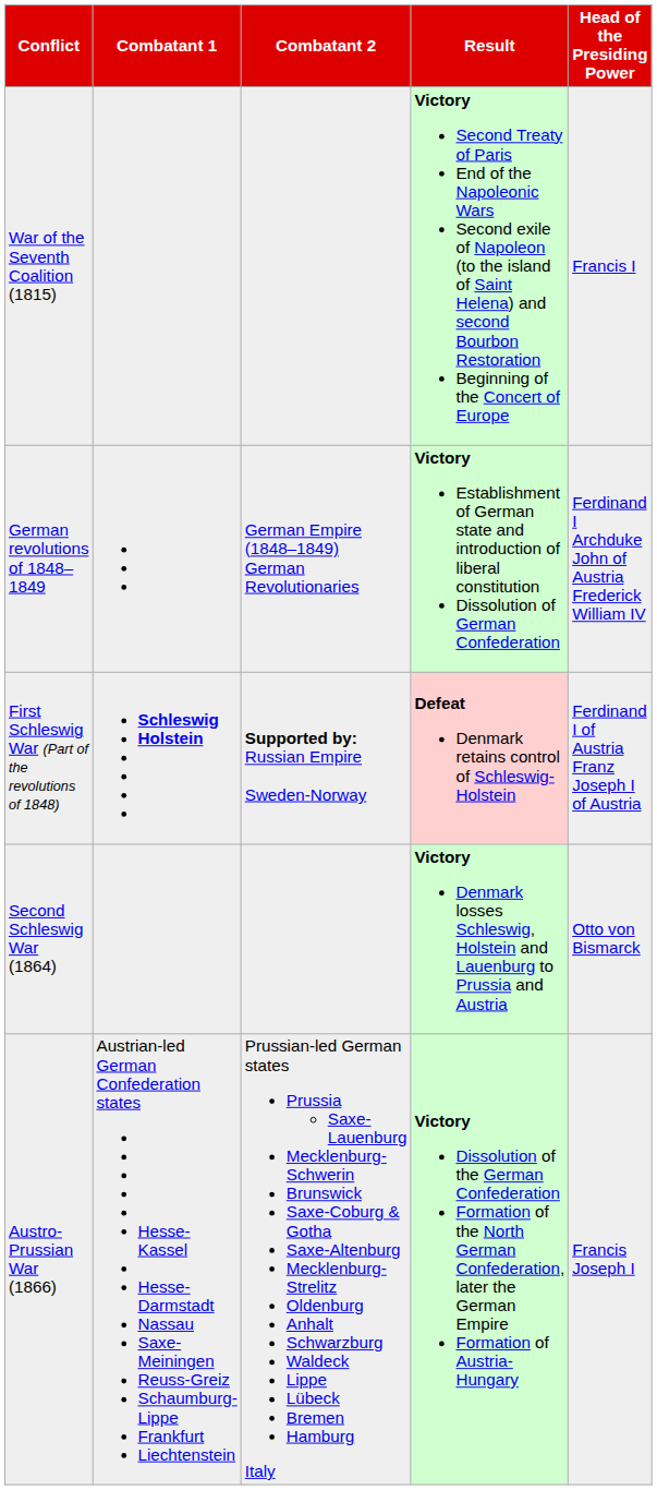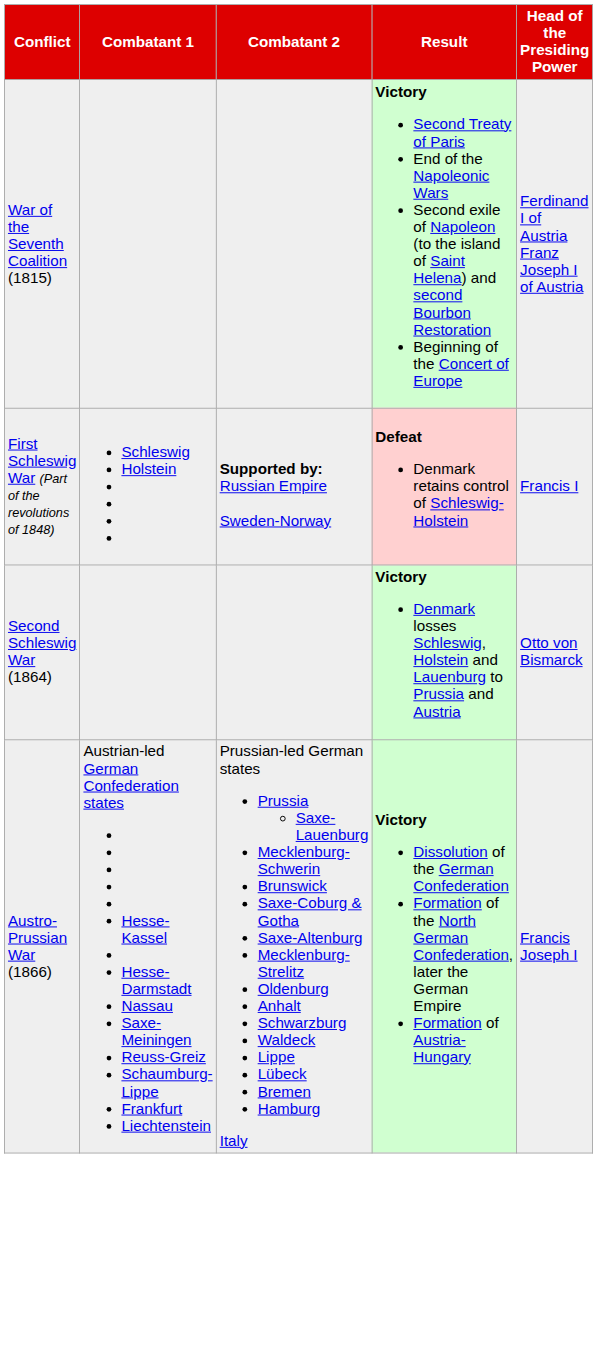 <table class="wikitable">
 <tr>
 <th style="background:#DD0000; width:20em; color:white;">Conflict</th>
 <th style="background:#DD0000; width:15em; color:white;">Combatant 1</th>
 <th style="background:#DD0000; width:15em; color:white;">Combatant 2</th>
 <th style="background:#DD0000; width:20em; color:white;">Result</th>
 <th style="background:#DD0000; width:10em; color:white;">Head of the Presiding Power</th>
 </tr>
 <tr>
 <td style="background:#efefef"><a href='#'>War of the Seventh Coalition</a><br>(1815)</td>
 <td style="background:#efefef"></td>
 <td style="background:#efefef"></td>
 <td style="background:#D0FFD0"><strong>Victory</strong><br><ul><li><a href='#'>Second Treaty of Paris</a></li><li>End of the <a href='#'>Napoleonic Wars</a></li><li>Second exile of <a href='#'>Napoleon</a> (to the island of <a href='#'>Saint Helena</a>) and <a href='#'>second Bourbon Restoration</a></li><li>Beginning of the <a href='#'>Concert of Europe</a></li></ul></td>
-<td style="background:#efefef"><a href='#'>Francis I</a></td>
-</tr>
-<tr>
-<td style="background:#efefef"><a href='#'>German revolutions of 1848–1849</a></td>
-<td style="background:#efefef"><br><ul><li></li><li></li><li></li></ul></td>
-<td style="background:#efefef"><a href='#'>German Empire (1848–1849)</a><br><a href='#'>German Revolutionaries</a></td>
-<td style="background:#D0FFD0"><strong>Victory</strong><br><ul><li>Establishment of German state and introduction of liberal constitution</li><li>Dissolution of <a href='#'>German Confederation</a></li></ul></td>
-<td style="background:#efefef"><a href='#'>Ferdinand I</a><br><a href='#'>Archduke John of Austria</a><br><a href='#'>Frederick William IV</a></td>
+<td style="background:#efefef"><a href='#'>Ferdinand I of Austria</a><br><a href='#'>Franz Joseph I of Austria</a></td>
 </tr>
 <tr>
 <td style="background:#efefef"><a href='#'>First Schleswig War</a> <small><em>(Part of the revolutions of 1848)</em></small></td>
-<td style="background:#efefef"><strong><br><ul><li> <a href='#'>Schleswig</a></li><li> <a href='#'>Holstein</a></li><li></li><li></li><li></li><li></li></ul></strong></td>
+<td style="background:#efefef"><br><ul><li> <a href='#'>Schleswig</a></li><li> <a href='#'>Holstein</a></li><li></li><li></li><li></li><li></li></ul></td>
 <td style="background:#efefef"><br><strong>Supported by:</strong><br> <a href='#'>Russian Empire</a><br><br> <a href='#'>Sweden-Norway</a><br></td>
 <td style="background:#FFD0D0"><strong>Defeat</strong><br><ul><li>Denmark retains control of <a href='#'>Schleswig-Holstein</a></li></ul></td>
-<td style="background:#efefef"><a href='#'>Ferdinand I of Austria</a><br><a href='#'>Franz Joseph I of Austria</a></td>
+<td style="background:#efefef"><a href='#'>Francis I</a></td>
 </tr>
 <tr>
 <td style="background:#efefef"><a href='#'>Second Schleswig War</a><br>(1864)</td>
 <td style="background:#efefef"><br></td>
 <td style="background:#efefef"></td>
 <td style="background:#D0FFD0"><strong>Victory</strong><br><ul><li><a href='#'>Denmark</a> losses <a href='#'>Schleswig</a>, <a href='#'>Holstein</a> and <a href='#'>Lauenburg</a> to <a href='#'>Prussia</a> and <a href='#'>Austria</a></li></ul></td>
 <td style="background:#efefef"><a href='#'>Otto von Bismarck</a></td>
 </tr>
 <tr>
 <td style="background:#efefef"><a href='#'>Austro-Prussian War</a><br>(1866)</td>
 <td style="background:#efefef"> Austrian-led <a href='#'>German Confederation</a> <a href='#'>states</a><br><ul><li></li><li></li><li></li><li></li><li></li><li> <a href='#'>Hesse-Kassel</a></li><li></li><li> <a href='#'>Hesse-Darmstadt</a></li><li> <a href='#'>Nassau</a></li><li> <a href='#'>Saxe-Meiningen</a></li><li> <a href='#'>Reuss-Greiz</a></li><li> <a href='#'>Schaumburg-Lippe</a></li><li> <a href='#'>Frankfurt</a></li><li> <a href='#'>Liechtenstein</a></li></ul></td>
 <td style="background:#efefef">Prussian-led German states<br><ul><li> <a href='#'>Prussia</a><ul><li> <a href='#'>Saxe-Lauenburg</a></li></ul></li><li> <a href='#'>Mecklenburg-Schwerin</a></li><li> <a href='#'>Brunswick</a></li><li> <a href='#'>Saxe-Coburg & Gotha</a></li><li> <a href='#'>Saxe-Altenburg</a></li><li> <a href='#'>Mecklenburg-Strelitz</a></li><li> <a href='#'>Oldenburg</a></li><li> <a href='#'>Anhalt</a></li><li> <a href='#'>Schwarzburg</a></li><li> <a href='#'>Waldeck</a></li><li> <a href='#'>Lippe</a></li><li> <a href='#'>Lübeck</a></li><li> <a href='#'>Bremen</a></li><li> <a href='#'>Hamburg</a></li></ul> <a href='#'>Italy</a></td>
 <td style="background:#D0FFD0"><strong>Victory</strong><br><ul><li><a href='#'>Dissolution</a> of the <a href='#'>German Confederation</a></li><li><a href='#'>Formation</a> of the <a href='#'>North German Confederation</a>, later the German Empire</li><li><a href='#'>Formation</a> of <a href='#'>Austria-Hungary</a></li></ul></td>
 <td style="background:#efefef"><a href='#'>Francis Joseph I</a></td>
 </tr>
 </table>
